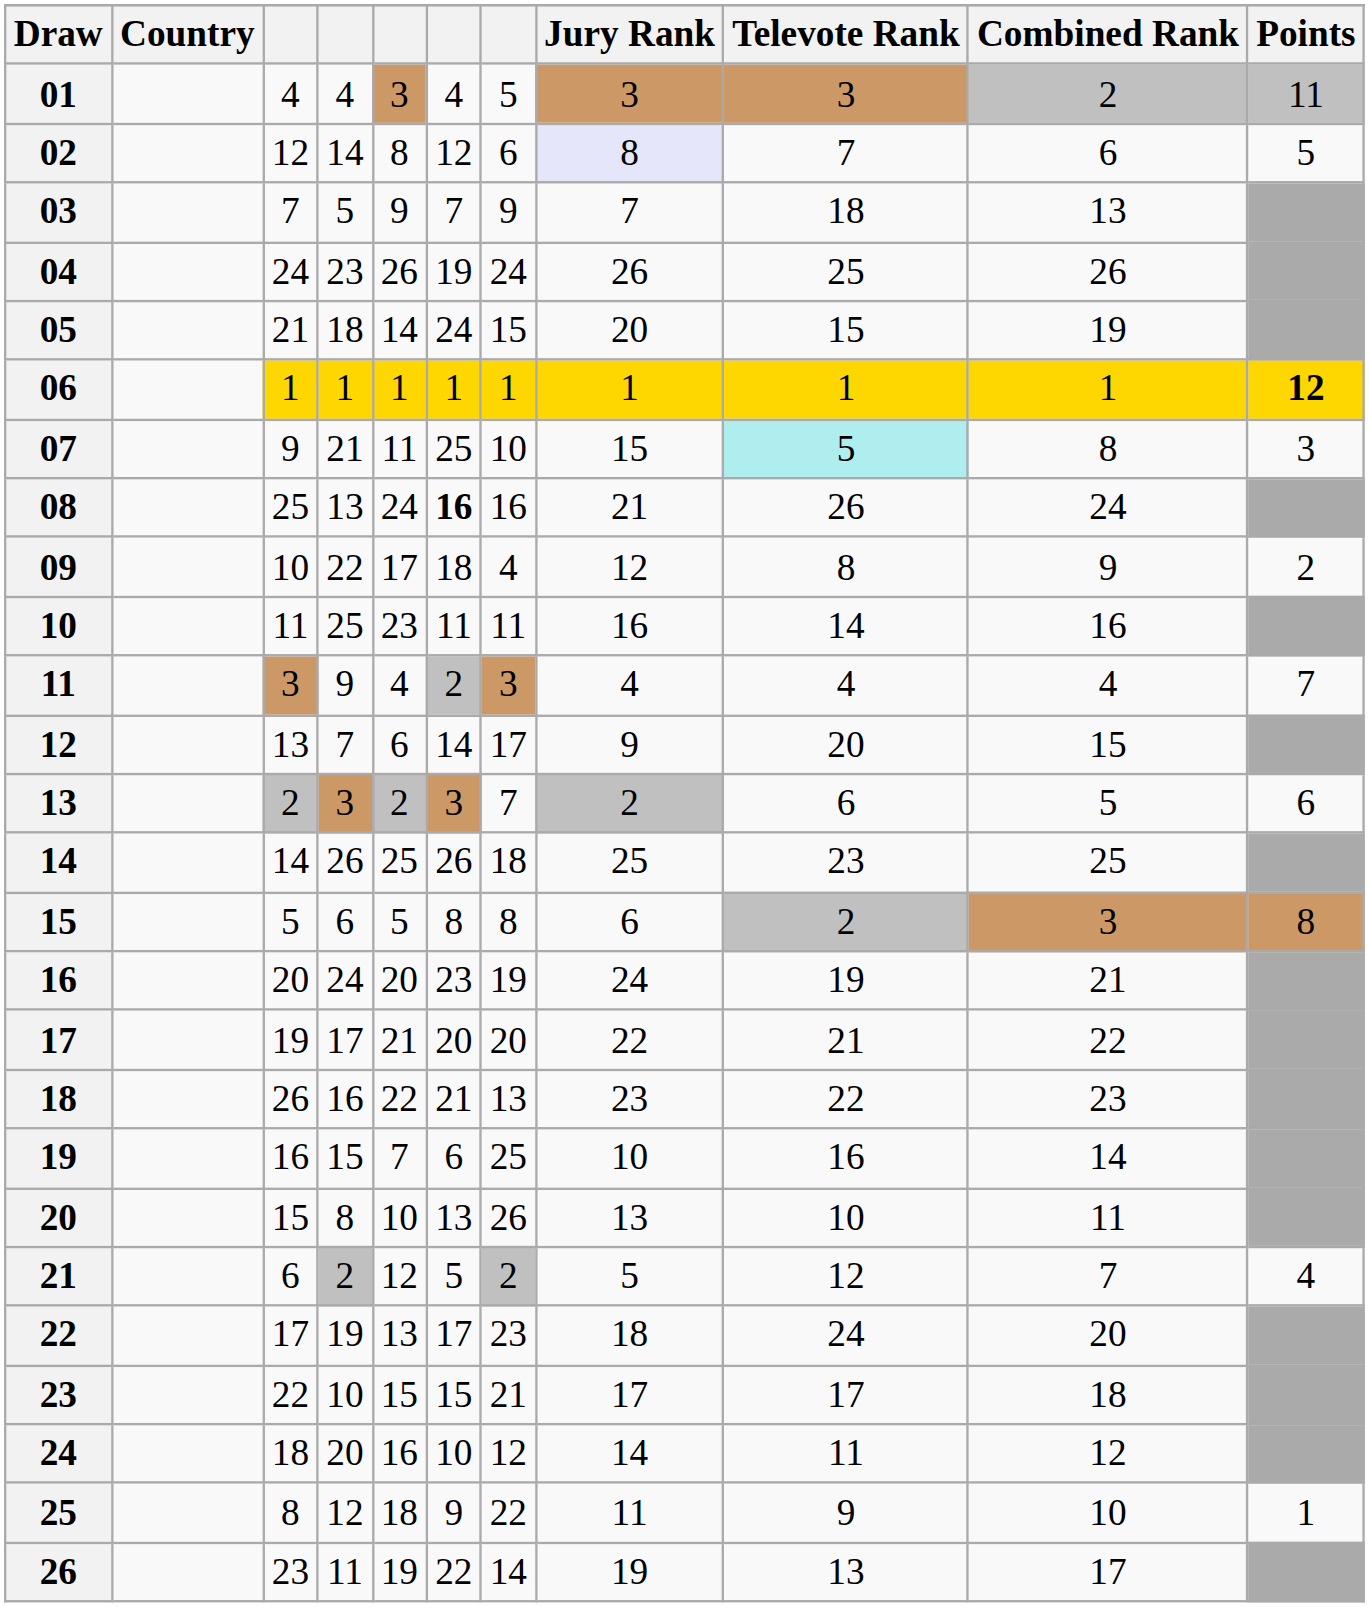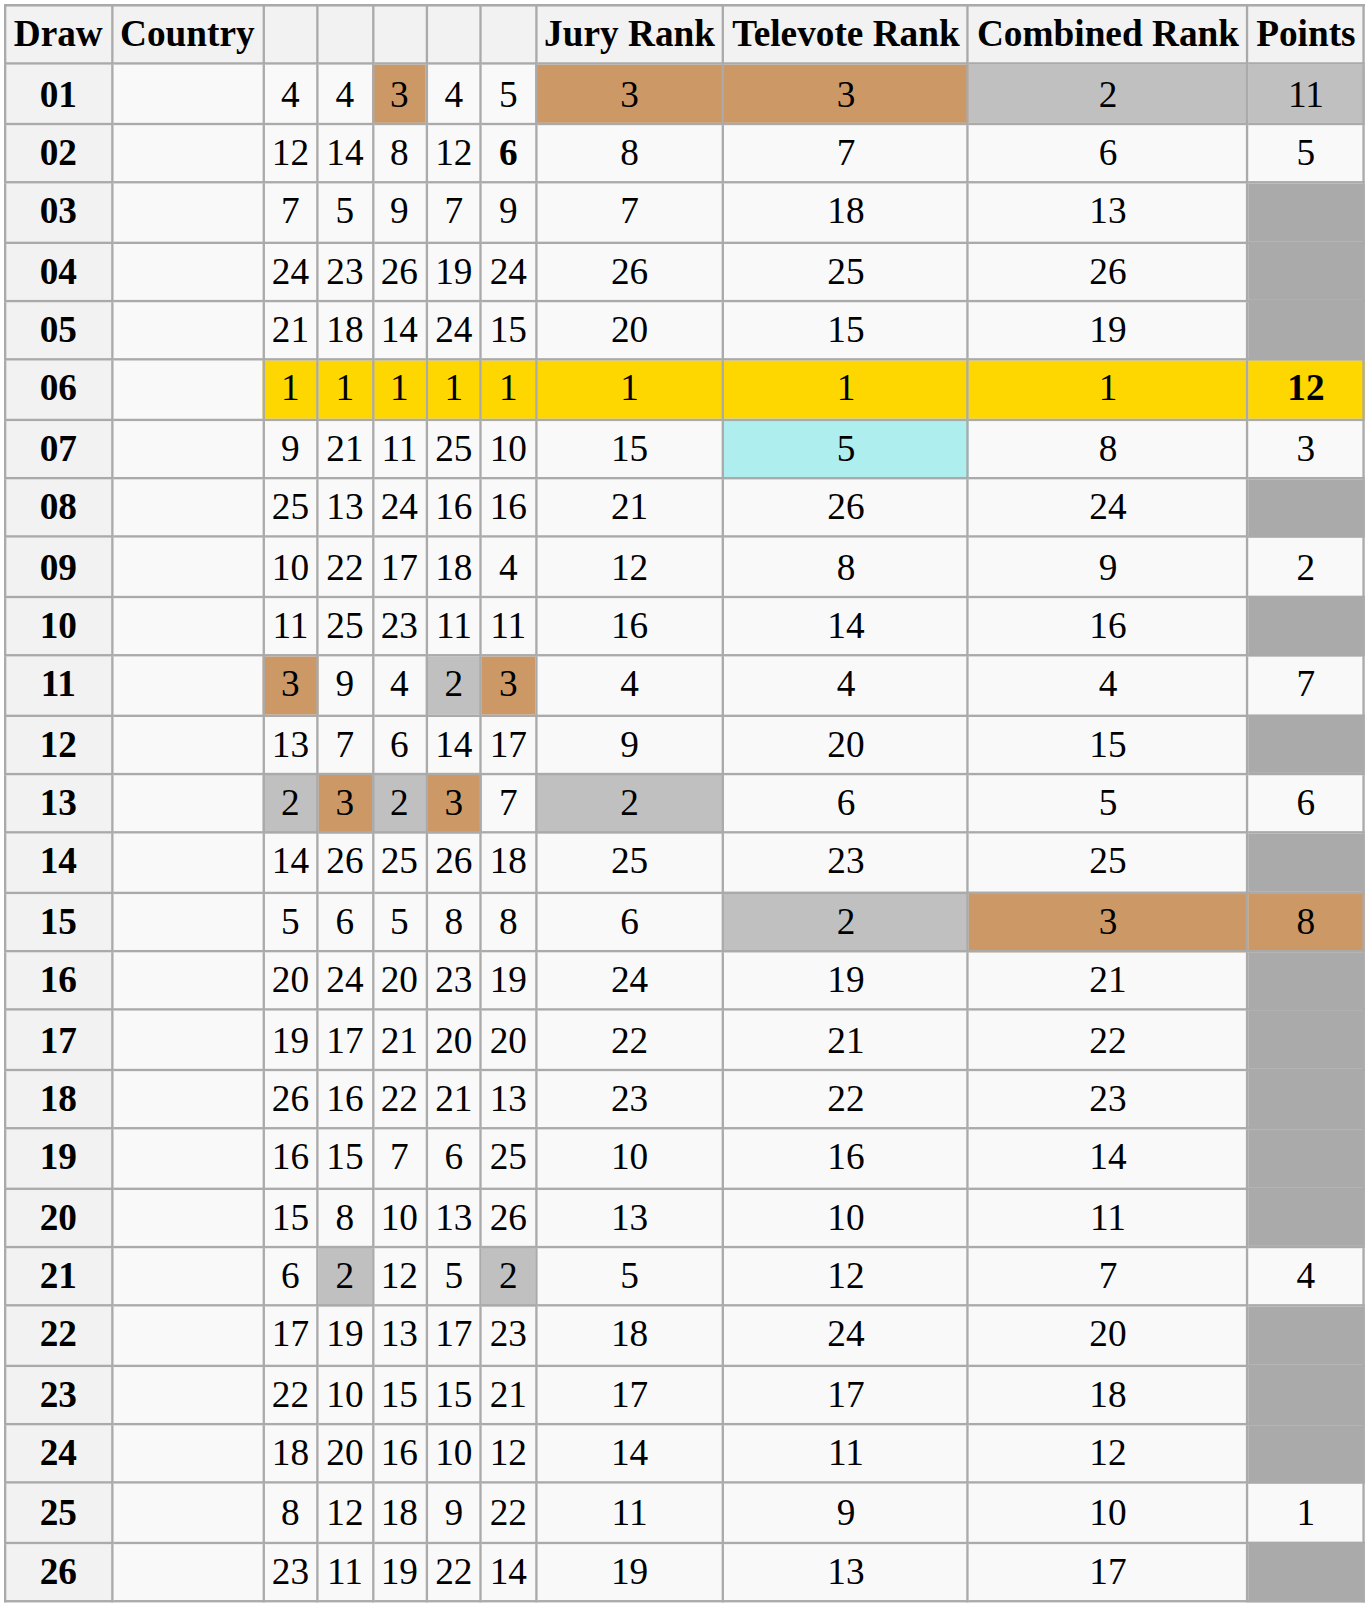 <table class="sortable wikitable collapsible plainrowheaders" style="text-align:center;">
 <tr>
 </tr>
 <tr>
 <th scope="col">Draw</th>
 <th scope="col">Country</th>
 <th scope="col"><small></small></th>
 <th scope="col"><small></small></th>
 <th scope="col"><small></small></th>
 <th scope="col"><small></small></th>
 <th scope="col"><small></small></th>
 <th scope="col">Jury Rank</th>
 <th scope="col">Televote Rank</th>
 <th scope="col">Combined Rank</th>
 <th scope="col">Points</th>
 </tr>
 <tr>
 <th scope="row" style="text-align:center;">01</th>
 <td style="text-align:left;"></td>
 <td>4</td>
 <td>4</td>
 <td style="background:#CC9966;">3</td>
 <td>4</td>
 <td>5</td>
 <td style="background:#CC9966;">3</td>
 <td style="background:#CC9966;">3</td>
 <td style="background:silver;">2</td>
 <td style="background:silver;">11</td>
 </tr>
 <tr>
 <th scope="row" style="text-align:center;">02</th>
 <td style="text-align:left;"></td>
 <td>12</td>
 <td>14</td>
 <td>8</td>
 <td>12</td>
-<td>6</td>
-<td style="background: lavender;">8</td>
+<td><strong>6</strong></td>
+<td>8</td>
 <td>7</td>
 <td>6</td>
 <td>5</td>
 </tr>
 <tr>
 <th scope="row" style="text-align:center;">03</th>
 <td style="text-align:left;"></td>
 <td>7</td>
 <td>5</td>
 <td>9</td>
 <td>7</td>
 <td>9</td>
 <td>7</td>
 <td>18</td>
 <td>13</td>
 <td style="background:#AAAAAA;"></td>
 </tr>
 <tr>
 <th scope="row" style="text-align:center;">04</th>
 <td style="text-align:left;"></td>
 <td>24</td>
 <td>23</td>
 <td>26</td>
 <td>19</td>
 <td>24</td>
 <td>26</td>
 <td>25</td>
 <td>26</td>
 <td style="background:#AAAAAA;"></td>
 </tr>
 <tr>
 <th scope="row" style="text-align:center;">05</th>
 <td style="text-align:left;"></td>
 <td>21</td>
 <td>18</td>
 <td>14</td>
 <td>24</td>
 <td>15</td>
 <td>20</td>
 <td>15</td>
 <td>19</td>
 <td style="background:#AAAAAA;"></td>
 </tr>
 <tr>
 <th scope="row" style="text-align:center;">06</th>
 <td style="text-align:left;"></td>
 <td style="background:gold;">1</td>
 <td style="background:gold;">1</td>
 <td style="background:gold;">1</td>
 <td style="background:gold;">1</td>
 <td style="background:gold;">1</td>
 <td style="background:gold;">1</td>
 <td style="background:gold;">1</td>
 <td style="background:gold;">1</td>
 <td style="background:gold;"><strong>12</strong></td>
 </tr>
 <tr>
 <th scope="row" style="text-align:center;">07</th>
 <td style="text-align:left;"></td>
 <td>9</td>
 <td>21</td>
 <td>11</td>
 <td>25</td>
 <td>10</td>
 <td>15</td>
 <td style="background: paleturquoise;">5</td>
 <td>8</td>
 <td>3</td>
 </tr>
 <tr>
 <th scope="row" style="text-align:center;">08</th>
 <td style="text-align:left;"></td>
 <td>25</td>
 <td>13</td>
 <td>24</td>
-<td><strong>16</strong></td>
+<td>16</td>
 <td>16</td>
 <td>21</td>
 <td>26</td>
 <td>24</td>
 <td style="background:#AAAAAA;"></td>
 </tr>
 <tr>
 <th scope="row" style="text-align:center;">09</th>
 <td style="text-align:left;"></td>
 <td>10</td>
 <td>22</td>
 <td>17</td>
 <td>18</td>
 <td>4</td>
 <td>12</td>
 <td>8</td>
 <td>9</td>
 <td>2</td>
 </tr>
 <tr>
 <th scope="row" style="text-align:center;">10</th>
 <td style="text-align:left;"></td>
 <td>11</td>
 <td>25</td>
 <td>23</td>
 <td>11</td>
 <td>11</td>
 <td>16</td>
 <td>14</td>
 <td>16</td>
 <td style="background:#AAAAAA;"></td>
 </tr>
 <tr>
 <th scope="row" style="text-align:center;">11</th>
 <td style="text-align:left;"></td>
 <td style="background:#CC9966;">3</td>
 <td>9</td>
 <td>4</td>
 <td style="background:silver;">2</td>
 <td style="background:#CC9966;">3</td>
 <td>4</td>
 <td>4</td>
 <td>4</td>
 <td>7</td>
 </tr>
 <tr>
 <th scope="row" style="text-align:center;">12</th>
 <td style="text-align:left;"></td>
 <td>13</td>
 <td>7</td>
 <td>6</td>
 <td>14</td>
 <td>17</td>
 <td>9</td>
 <td>20</td>
 <td>15</td>
 <td style="background:#AAAAAA;"></td>
 </tr>
 <tr>
 <th scope="row" style="text-align:center;">13</th>
 <td style="text-align:left;"></td>
 <td style="background:silver;">2</td>
 <td style="background:#CC9966;">3</td>
 <td style="background:silver;">2</td>
 <td style="background:#CC9966;">3</td>
 <td>7</td>
 <td style="background:silver;">2</td>
 <td>6</td>
 <td>5</td>
 <td>6</td>
 </tr>
 <tr>
 <th scope="row" style="text-align:center;">14</th>
 <td style="text-align:left;"></td>
 <td>14</td>
 <td>26</td>
 <td>25</td>
 <td>26</td>
 <td>18</td>
 <td>25</td>
 <td>23</td>
 <td>25</td>
 <td style="background:#AAAAAA;"></td>
 </tr>
 <tr>
 <th scope="row" style="text-align:center;">15</th>
 <td style="text-align:left;"></td>
 <td>5</td>
 <td>6</td>
 <td>5</td>
 <td>8</td>
 <td>8</td>
 <td>6</td>
 <td style="background:silver;">2</td>
 <td style="background:#CC9966;">3</td>
 <td style="background:#CC9966;">8</td>
 </tr>
 <tr>
 <th scope="row" style="text-align:center;">16</th>
 <td style="text-align:left;"></td>
 <td>20</td>
 <td>24</td>
 <td>20</td>
 <td>23</td>
 <td>19</td>
 <td>24</td>
 <td>19</td>
 <td>21</td>
 <td style="background:#AAAAAA;"></td>
 </tr>
 <tr>
 <th scope="row" style="text-align:center;">17</th>
 <td style="text-align:left;"></td>
 <td>19</td>
 <td>17</td>
 <td>21</td>
 <td>20</td>
 <td>20</td>
 <td>22</td>
 <td>21</td>
 <td>22</td>
 <td style="background:#AAAAAA;"></td>
 </tr>
 <tr>
 <th scope="row" style="text-align:center;">18</th>
 <td style="text-align:left;"></td>
 <td>26</td>
 <td>16</td>
 <td>22</td>
 <td>21</td>
 <td>13</td>
 <td>23</td>
 <td>22</td>
 <td>23</td>
 <td style="background:#AAAAAA;"></td>
 </tr>
 <tr>
 <th scope="row" style="text-align:center;">19</th>
 <td style="text-align:left;"></td>
 <td>16</td>
 <td>15</td>
 <td>7</td>
 <td>6</td>
 <td>25</td>
 <td>10</td>
 <td>16</td>
 <td>14</td>
 <td style="background:#AAAAAA;"></td>
 </tr>
 <tr>
 <th scope="row" style="text-align:center;">20</th>
 <td style="text-align:left;"></td>
 <td>15</td>
 <td>8</td>
 <td>10</td>
 <td>13</td>
 <td>26</td>
 <td>13</td>
 <td>10</td>
 <td>11</td>
 <td style="background:#AAAAAA;"></td>
 </tr>
 <tr>
 <th scope="row" style="text-align:center;">21</th>
 <td style="text-align:left;"></td>
 <td>6</td>
 <td style="background:silver;">2</td>
 <td>12</td>
 <td>5</td>
 <td style="background:silver;">2</td>
 <td>5</td>
 <td>12</td>
 <td>7</td>
 <td>4</td>
 </tr>
 <tr>
 <th scope="row" style="text-align:center;">22</th>
 <td style="text-align:left;"></td>
 <td>17</td>
 <td>19</td>
 <td>13</td>
 <td>17</td>
 <td>23</td>
 <td>18</td>
 <td>24</td>
 <td>20</td>
 <td style="background:#AAAAAA;"></td>
 </tr>
 <tr>
 <th scope="row" style="text-align:center;">23</th>
 <td style="text-align:left;"></td>
 <td>22</td>
 <td>10</td>
 <td>15</td>
 <td>15</td>
 <td>21</td>
 <td>17</td>
 <td>17</td>
 <td>18</td>
 <td style="background:#AAAAAA;"></td>
 </tr>
 <tr>
 <th scope="row" style="text-align:center;">24</th>
 <td style="text-align:left;"></td>
 <td>18</td>
 <td>20</td>
 <td>16</td>
 <td>10</td>
 <td>12</td>
 <td>14</td>
 <td>11</td>
 <td>12</td>
 <td style="background:#AAAAAA;"></td>
 </tr>
 <tr>
 <th scope="row" style="text-align:center;">25</th>
 <td style="text-align:left;"></td>
 <td>8</td>
 <td>12</td>
 <td>18</td>
 <td>9</td>
 <td>22</td>
 <td>11</td>
 <td>9</td>
 <td>10</td>
 <td>1</td>
 </tr>
 <tr>
 <th scope="row" style="text-align:center;">26</th>
 <td style="text-align:left;"></td>
 <td>23</td>
 <td>11</td>
 <td>19</td>
 <td>22</td>
 <td>14</td>
 <td>19</td>
 <td>13</td>
 <td>17</td>
 <td style="background:#AAAAAA;"></td>
 </tr>
 </table>
